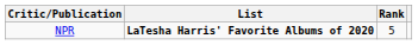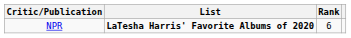 <table class="wikitable sortable plainrowheaders">
 <tr>
 <th scope="col">Critic/Publication</th>
 <th scope="col" class="unsortable">List</th>
 <th scope="col" data-sort-type="number">Rank</th>
 <th scope="col" class="unsortable"></th>
 </tr>
 <tr>
 <td align="center"><a href='#'>NPR</a></td>
 <td align="center"><strong>LaTesha Harris' Favorite Albums of 2020</strong></td>
-<td align="center">5</td>
+<td align="center">6</td>
 <td rowspan="1" style="text-align:center"></td>
 </tr>
 </table>
